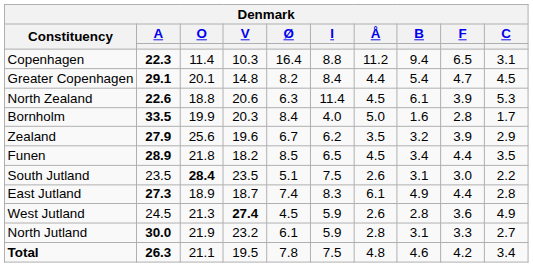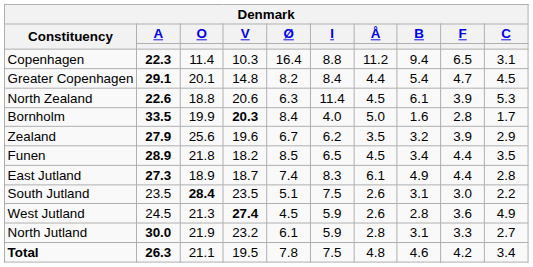 <table class="wikitable sortable" style="text-align:center;font-size:90%;line-height:14px">
 <tr>
 <th colspan="10">Denmark</th>
 </tr>
 <tr>
 <th rowspan="2" class="wikitable sortable">Constituency</th>
 <th class="wikitable sortable" style="width:40px;"><a href='#'>A</a></th>
 <th class="wikitable sortable" style="width:40px;"><a href='#'>O</a></th>
 <th class="wikitable sortable" style="width:40px;"><a href='#'>V</a></th>
 <th class="wikitable sortable" style="width:40px;"><a href='#'>Ø</a></th>
 <th class="wikitable sortable" style="width:40px;"><a href='#'>I</a></th>
 <th class="wikitable sortable" style="width:40px;"><a href='#'>Å</a></th>
 <th class="wikitable sortable" style="width:40px;"><a href='#'>B</a></th>
 <th class="wikitable sortable" style="width:40px;"><a href='#'>F</a></th>
 <th class="wikitable sortable" style="width:40px;"><a href='#'>C</a></th>
 </tr>
 <tr>
 <th class="wikitable sortable" style="background:"></th>
 <th class="wikitable sortable" style="background:"></th>
 <th class="wikitable sortable" style="background:"></th>
 <th class="wikitable sortable" style="background:"></th>
 <th class="wikitable sortable" style="background:"></th>
 <th class="wikitable sortable" style="background:"></th>
 <th class="wikitable sortable" style="background:"></th>
 <th class="wikitable sortable" style="background:"></th>
 <th class="wikitable sortable" style="background:"></th>
 </tr>
 <tr>
 <td align="left">Copenhagen</td>
 <td style="background:"><strong>22.3</strong></td>
 <td>11.4</td>
 <td>10.3</td>
 <td>16.4</td>
 <td>8.8</td>
 <td>11.2</td>
 <td>9.4</td>
 <td>6.5</td>
 <td>3.1</td>
 </tr>
 <tr>
 <td align="left">Greater Copenhagen</td>
 <td style="background:"><strong>29.1</strong></td>
 <td>20.1</td>
 <td>14.8</td>
 <td>8.2</td>
 <td>8.4</td>
 <td>4.4</td>
 <td>5.4</td>
 <td>4.7</td>
 <td>4.5</td>
 </tr>
 <tr>
 <td align="left">North Zealand</td>
 <td style="background:"><strong>22.6</strong></td>
 <td>18.8</td>
 <td>20.6</td>
 <td>6.3</td>
 <td>11.4</td>
 <td>4.5</td>
 <td>6.1</td>
 <td>3.9</td>
 <td>5.3</td>
 </tr>
 <tr>
 <td align="left">Bornholm</td>
 <td style="background:"><strong>33.5</strong></td>
 <td>19.9</td>
-<td>20.3</td>
+<td><strong>20.3</strong></td>
 <td>8.4</td>
 <td>4.0</td>
 <td>5.0</td>
 <td>1.6</td>
 <td>2.8</td>
 <td>1.7</td>
 </tr>
 <tr>
 <td align="left">Zealand</td>
 <td style="background:"><strong>27.9</strong></td>
 <td>25.6</td>
 <td>19.6</td>
 <td>6.7</td>
 <td>6.2</td>
 <td>3.5</td>
 <td>3.2</td>
 <td>3.9</td>
 <td>2.9</td>
 </tr>
 <tr>
 <td align="left">Funen</td>
 <td style="background:"><strong>28.9</strong></td>
 <td>21.8</td>
 <td>18.2</td>
 <td>8.5</td>
 <td>6.5</td>
 <td>4.5</td>
 <td>3.4</td>
 <td>4.4</td>
 <td>3.5</td>
 </tr>
 <tr>
+<td align="left">East Jutland</td>
+<td style="background:"><strong>27.3</strong></td>
+<td>18.9</td>
+<td>18.7</td>
+<td>7.4</td>
+<td>8.3</td>
+<td>6.1</td>
+<td>4.9</td>
+<td>4.4</td>
+<td>2.8</td>
+</tr>
+<tr>
 <td align="left">South Jutland</td>
 <td>23.5</td>
 <td style="background:"><strong>28.4</strong></td>
 <td>23.5</td>
 <td>5.1</td>
 <td>7.5</td>
 <td>2.6</td>
 <td>3.1</td>
 <td>3.0</td>
 <td>2.2</td>
-</tr>
-<tr>
-<td align="left">East Jutland</td>
-<td style="background:"><strong>27.3</strong></td>
-<td>18.9</td>
-<td>18.7</td>
-<td>7.4</td>
-<td>8.3</td>
-<td>6.1</td>
-<td>4.9</td>
-<td>4.4</td>
-<td>2.8</td>
 </tr>
 <tr>
 <td align="left">West Jutland</td>
 <td>24.5</td>
 <td>21.3</td>
 <td style="background:"><strong>27.4</strong></td>
 <td>4.5</td>
 <td>5.9</td>
 <td>2.6</td>
 <td>2.8</td>
 <td>3.6</td>
 <td>4.9</td>
 </tr>
 <tr>
 <td align="left">North Jutland</td>
 <td style="background:"><strong>30.0</strong></td>
 <td>21.9</td>
 <td>23.2</td>
 <td>6.1</td>
 <td>5.9</td>
 <td>2.8</td>
 <td>3.1</td>
 <td>3.3</td>
 <td>2.7</td>
 </tr>
 <tr class="sortbottom">
 <td align="left"><strong>Total</strong></td>
 <td style="background:"><strong>26.3</strong></td>
 <td>21.1</td>
 <td>19.5</td>
 <td>7.8</td>
 <td>7.5</td>
 <td>4.8</td>
 <td>4.6</td>
 <td>4.2</td>
 <td>3.4</td>
 </tr>
 </table>
